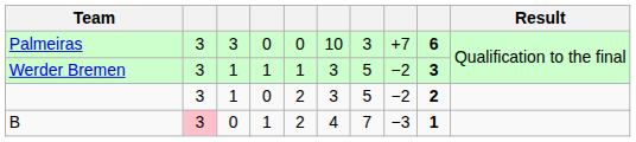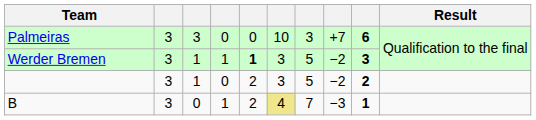 <table class="wikitable" style="text-align:center;">
 <tr>
 <th width=165>Team</th>
 <th width=25></th>
 <th width=25></th>
 <th width=25></th>
 <th width=25></th>
 <th width=25></th>
 <th width=25></th>
 <th width=25></th>
 <th width=25></th>
 <th>Result</th>
 </tr>
 <tr bgcolor="#ccffcc">
 <td style="text-align:left;"> <a href='#'>Palmeiras</a></td>
 <td>3</td>
 <td>3</td>
 <td>0</td>
 <td>0</td>
 <td>10</td>
 <td>3</td>
 <td>+7</td>
 <td><strong>6</strong></td>
 <td rowspan="2">Qualification to the final</td>
 </tr>
 <tr bgcolor="#ccffcc">
 <td style="text-align:left;"> <a href='#'>Werder Bremen</a></td>
 <td>3</td>
 <td>1</td>
 <td>1</td>
-<td>1</td>
+<td><strong>1</strong></td>
 <td>3</td>
 <td>5</td>
 <td>−2</td>
 <td><strong>3</strong></td>
 </tr>
 <tr>
 <td style="text-align:left;"></td>
 <td>3</td>
 <td>1</td>
 <td>0</td>
 <td>2</td>
 <td>3</td>
 <td>5</td>
 <td>−2</td>
 <td><strong>2</strong></td>
 <td></td>
 </tr>
 <tr>
 <td style="text-align:left;"> B</td>
-<td style="background: pink;">3</td>
+<td>3</td>
 <td>0</td>
 <td>1</td>
 <td>2</td>
-<td>4</td>
+<td style="background: khaki;">4</td>
 <td>7</td>
 <td>−3</td>
 <td><strong>1</strong></td>
 <td></td>
 </tr>
 </table>
